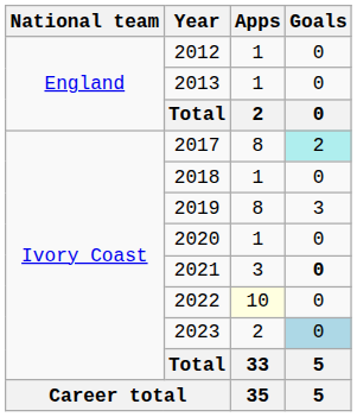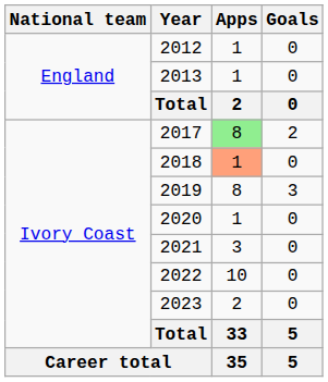 <table class="wikitable" style="text-align:center">
 <tr>
 <th>National team</th>
 <th>Year</th>
 <th>Apps</th>
 <th>Goals</th>
 </tr>
 <tr>
 <td rowspan="3"><a href='#'>England</a></td>
 <td>2012</td>
 <td>1</td>
 <td>0</td>
 </tr>
 <tr>
 <td>2013</td>
 <td>1</td>
 <td>0</td>
 </tr>
 <tr>
 <th>Total</th>
 <th>2</th>
 <th>0</th>
 </tr>
 <tr>
 <td rowspan="8"><a href='#'>Ivory Coast</a></td>
 <td>2017</td>
-<td>8</td>
-<td style="background: paleturquoise;">2</td>
+<td style="background: lightgreen;">8</td>
+<td>2</td>
 </tr>
 <tr>
 <td>2018</td>
-<td>1</td>
+<td style="background: lightsalmon;">1</td>
 <td>0</td>
 </tr>
 <tr>
 <td>2019</td>
 <td>8</td>
 <td>3</td>
 </tr>
 <tr>
 <td>2020</td>
 <td>1</td>
 <td>0</td>
 </tr>
 <tr>
 <td>2021</td>
 <td>3</td>
-<td><strong>0</strong></td>
+<td>0</td>
 </tr>
 <tr>
 <td>2022</td>
-<td style="background: lightyellow;">10</td>
+<td>10</td>
 <td>0</td>
 </tr>
 <tr>
 <td>2023</td>
 <td>2</td>
-<td style="background: lightblue;">0</td>
+<td>0</td>
 </tr>
 <tr>
 <th>Total</th>
 <th>33</th>
 <th>5</th>
 </tr>
 <tr>
 <th colspan="2">Career total</th>
 <th>35</th>
 <th>5</th>
 </tr>
 </table>
